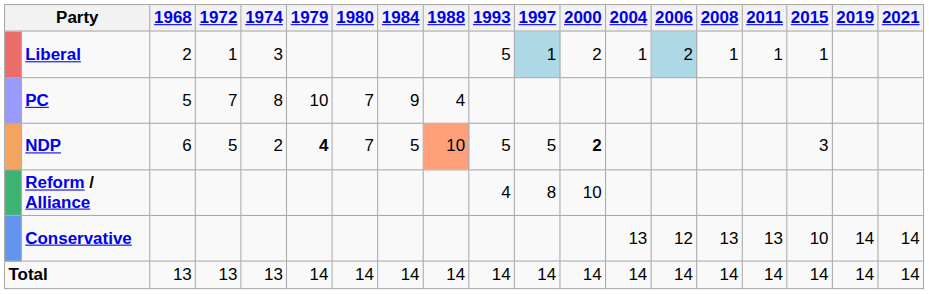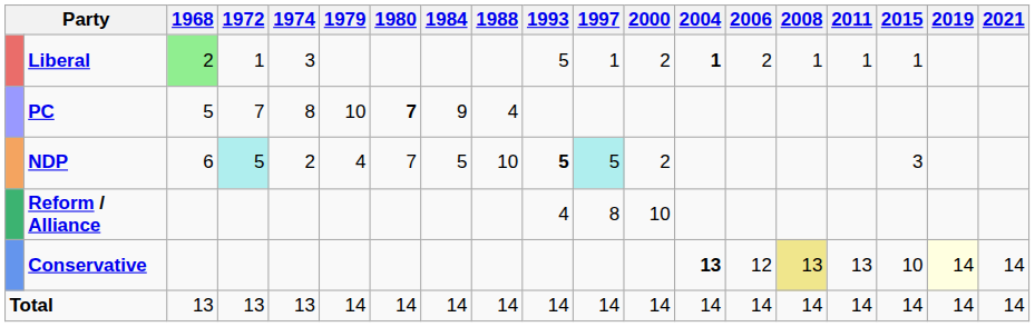 <table class="wikitable">
 <tr>
 <th colspan = "2">Party</th>
 <th><a href='#'>1968</a></th>
 <th><a href='#'>1972</a></th>
 <th><a href='#'>1974</a></th>
 <th><a href='#'>1979</a></th>
 <th><a href='#'>1980</a></th>
 <th><a href='#'>1984</a></th>
 <th><a href='#'>1988</a></th>
 <th><a href='#'>1993</a></th>
 <th><a href='#'>1997</a></th>
 <th><a href='#'>2000</a></th>
 <th><a href='#'>2004</a></th>
 <th><a href='#'>2006</a></th>
 <th><a href='#'>2008</a></th>
 <th><a href='#'>2011</a></th>
 <th><a href='#'>2015</a></th>
 <th><a href='#'>2019</a></th>
 <th><a href='#'>2021</a></th>
 </tr>
 <tr align = "right">
 <td bgcolor="#EA6D6A">   </td>
 <td align="left"><strong><a href='#'>Liberal</a></strong></td>
-<td>2</td>
+<td style="background: lightgreen;">2</td>
 <td>1</td>
 <td>3</td>
 <td></td>
 <td></td>
 <td></td>
 <td></td>
 <td>5</td>
-<td style="background: lightblue;">1</td>
+<td>1</td>
 <td>2</td>
-<td>1</td>
-<td style="background: lightblue;">2</td>
+<td><strong>1</strong></td>
+<td>2</td>
 <td>1</td>
 <td>1</td>
 <td>1</td>
 <td></td>
 <td></td>
 </tr>
 <tr align = "right">
 <td bgcolor="#9999FF">   </td>
 <td align="left"><strong><a href='#'>PC</a></strong></td>
 <td>5</td>
 <td>7</td>
 <td>8</td>
 <td>10</td>
-<td>7</td>
+<td><strong>7</strong></td>
 <td>9</td>
 <td>4</td>
 <td></td>
 <td></td>
 <td></td>
 <td></td>
 <td></td>
 <td></td>
 <td></td>
 <td></td>
 <td></td>
 <td></td>
 </tr>
 <tr align = "right">
 <td bgcolor="#F4A460">   </td>
 <td align="left"><strong><a href='#'>NDP</a></strong></td>
 <td>6</td>
-<td>5</td>
+<td style="background: paleturquoise;">5</td>
 <td>2</td>
-<td><strong>4</strong></td>
+<td>4</td>
 <td>7</td>
 <td>5</td>
-<td style="background: lightsalmon;">10</td>
-<td>5</td>
-<td>5</td>
-<td><strong>2</strong></td>
+<td>10</td>
+<td><strong>5</strong></td>
+<td style="background: paleturquoise;">5</td>
+<td>2</td>
 <td></td>
 <td></td>
 <td></td>
 <td></td>
 <td>3</td>
 <td></td>
 <td></td>
 </tr>
 <tr align = "right">
 <td bgcolor="#3CB371">   </td>
 <td align="left"><strong><a href='#'>Reform</a></strong> <strong>/</strong> <strong><a href='#'>Alliance</a></strong></td>
 <td></td>
 <td></td>
 <td></td>
 <td></td>
 <td></td>
 <td></td>
 <td></td>
 <td>4</td>
 <td>8</td>
 <td>10</td>
 <td></td>
 <td></td>
 <td></td>
 <td></td>
 <td></td>
 <td></td>
 <td></td>
 </tr>
 <tr align = "right">
 <td bgcolor="#6495ED">   </td>
 <td align="left"><strong><a href='#'>Conservative</a></strong></td>
 <td></td>
 <td></td>
 <td></td>
 <td></td>
 <td></td>
 <td></td>
 <td></td>
 <td></td>
 <td></td>
 <td></td>
-<td>13</td>
+<td><strong>13</strong></td>
 <td>12</td>
-<td>13</td>
+<td style="background: khaki;">13</td>
 <td>13</td>
 <td>10</td>
-<td>14</td>
+<td style="background: lightyellow;">14</td>
 <td>14</td>
 </tr>
 <tr align = "right">
 <td colspan = "2" align="left"><strong>Total</strong></td>
 <td>13</td>
 <td>13</td>
 <td>13</td>
 <td>14</td>
 <td>14</td>
 <td>14</td>
 <td>14</td>
 <td>14</td>
 <td>14</td>
 <td>14</td>
 <td>14</td>
 <td>14</td>
 <td>14</td>
 <td>14</td>
 <td>14</td>
 <td>14</td>
 <td>14</td>
 </tr>
 </table>
